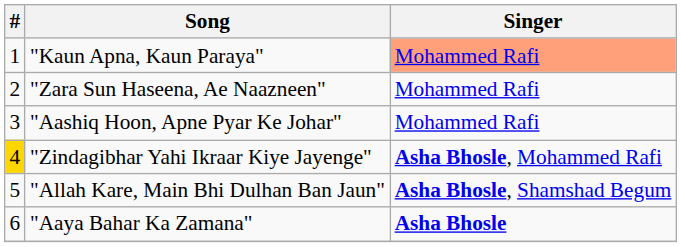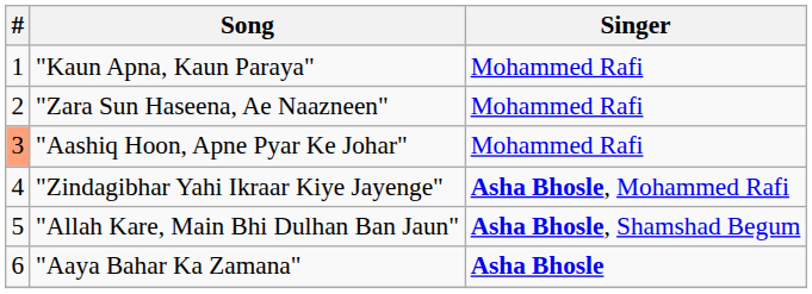 <table class="wikitable">
 <tr>
 <th>#</th>
 <th>Song</th>
 <th>Singer</th>
 </tr>
 <tr>
 <td>1</td>
 <td>"Kaun Apna, Kaun Paraya"</td>
-<td style="background: lightsalmon;"><a href='#'>Mohammed Rafi</a></td>
+<td><a href='#'>Mohammed Rafi</a></td>
 </tr>
 <tr>
 <td>2</td>
 <td>"Zara Sun Haseena, Ae Naazneen"</td>
 <td><a href='#'>Mohammed Rafi</a></td>
 </tr>
 <tr>
-<td>3</td>
+<td style="background: lightsalmon;">3</td>
 <td>"Aashiq Hoon, Apne Pyar Ke Johar"</td>
 <td><a href='#'>Mohammed Rafi</a></td>
 </tr>
 <tr>
-<td style="background: gold;">4</td>
+<td>4</td>
 <td>"Zindagibhar Yahi Ikraar Kiye Jayenge"</td>
 <td><strong><a href='#'>Asha Bhosle</a></strong>, <a href='#'>Mohammed Rafi</a></td>
 </tr>
 <tr>
 <td>5</td>
 <td>"Allah Kare, Main Bhi Dulhan Ban Jaun"</td>
 <td><strong><a href='#'>Asha Bhosle</a></strong>, <a href='#'>Shamshad Begum</a></td>
 </tr>
 <tr>
 <td>6</td>
 <td>"Aaya Bahar Ka Zamana"</td>
 <td><strong><a href='#'>Asha Bhosle</a></strong></td>
 </tr>
 <tr>
 </tr>
 </table>
